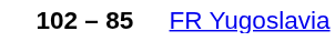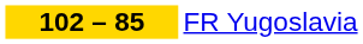 <table style="text-align:center">
 <tr>
 <th width=200></th>
 <th width=100></th>
 <th width=200></th>
 </tr>
 <tr>
 <td align=right><strong></strong></td>
-<td><strong>102 – 85</strong></td>
+<td style="background: gold;"><strong>102 – 85</strong></td>
 <td align=left> <a href='#'>FR Yugoslavia</a></td>
 </tr>
 </table>
